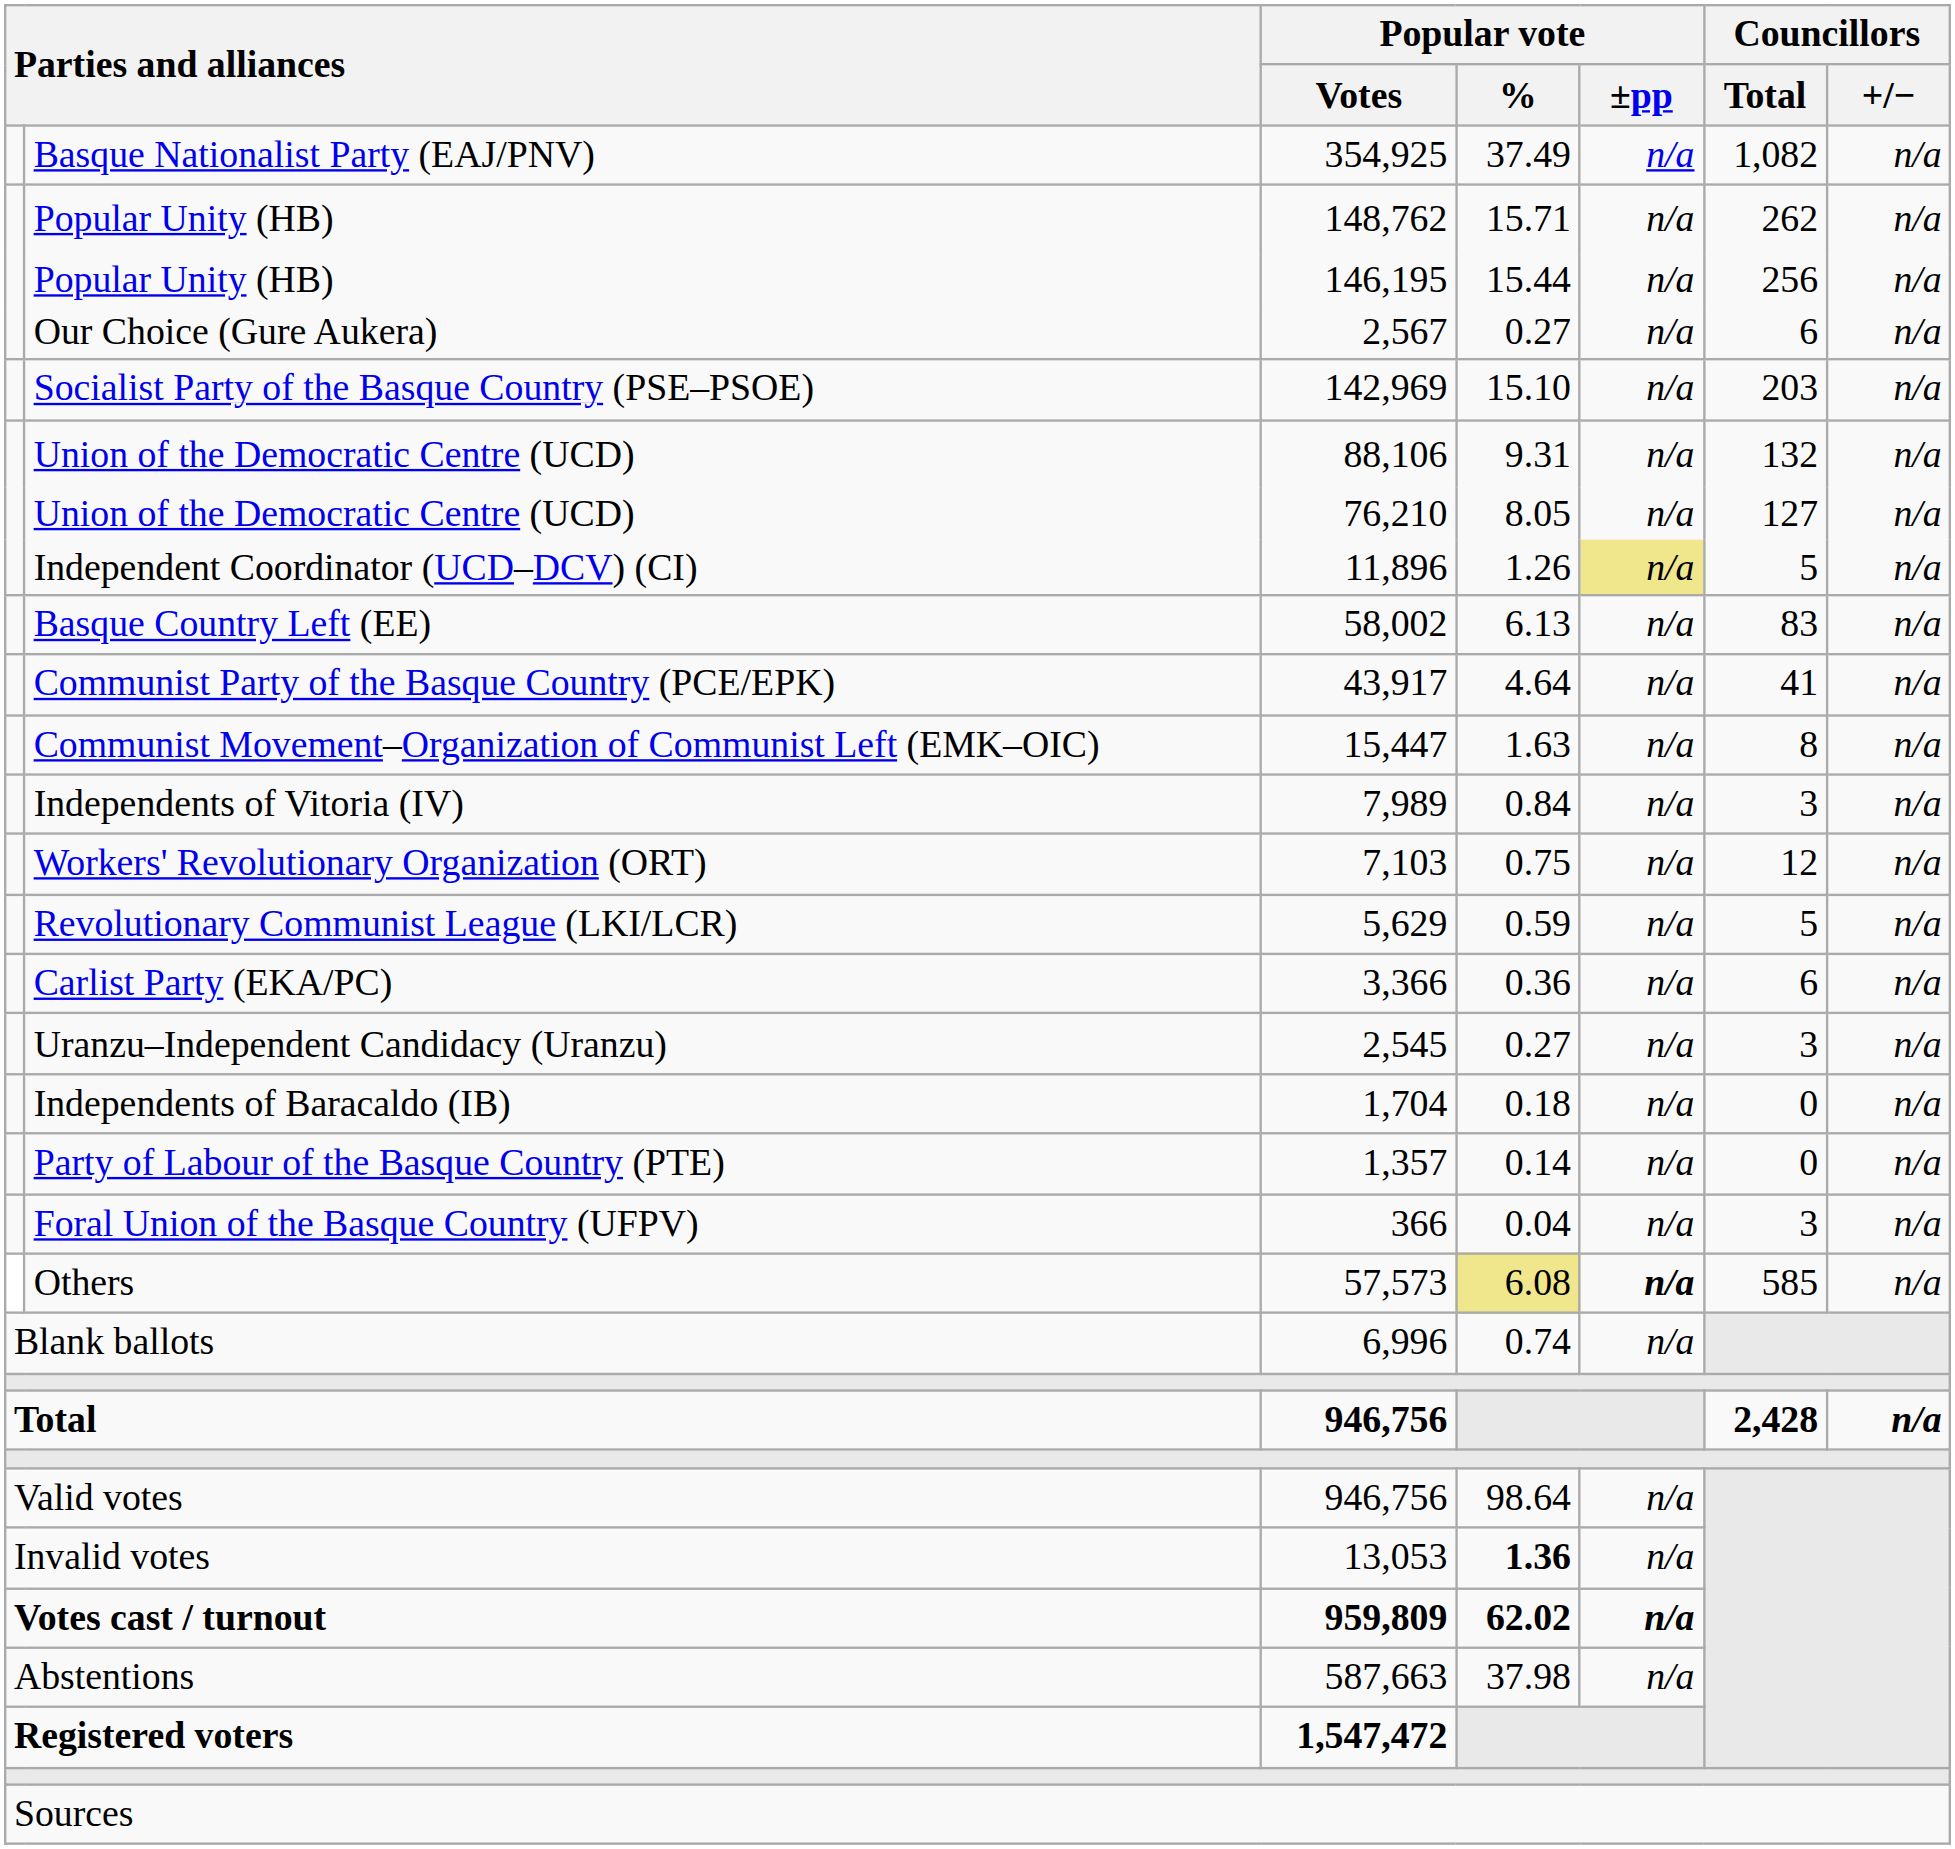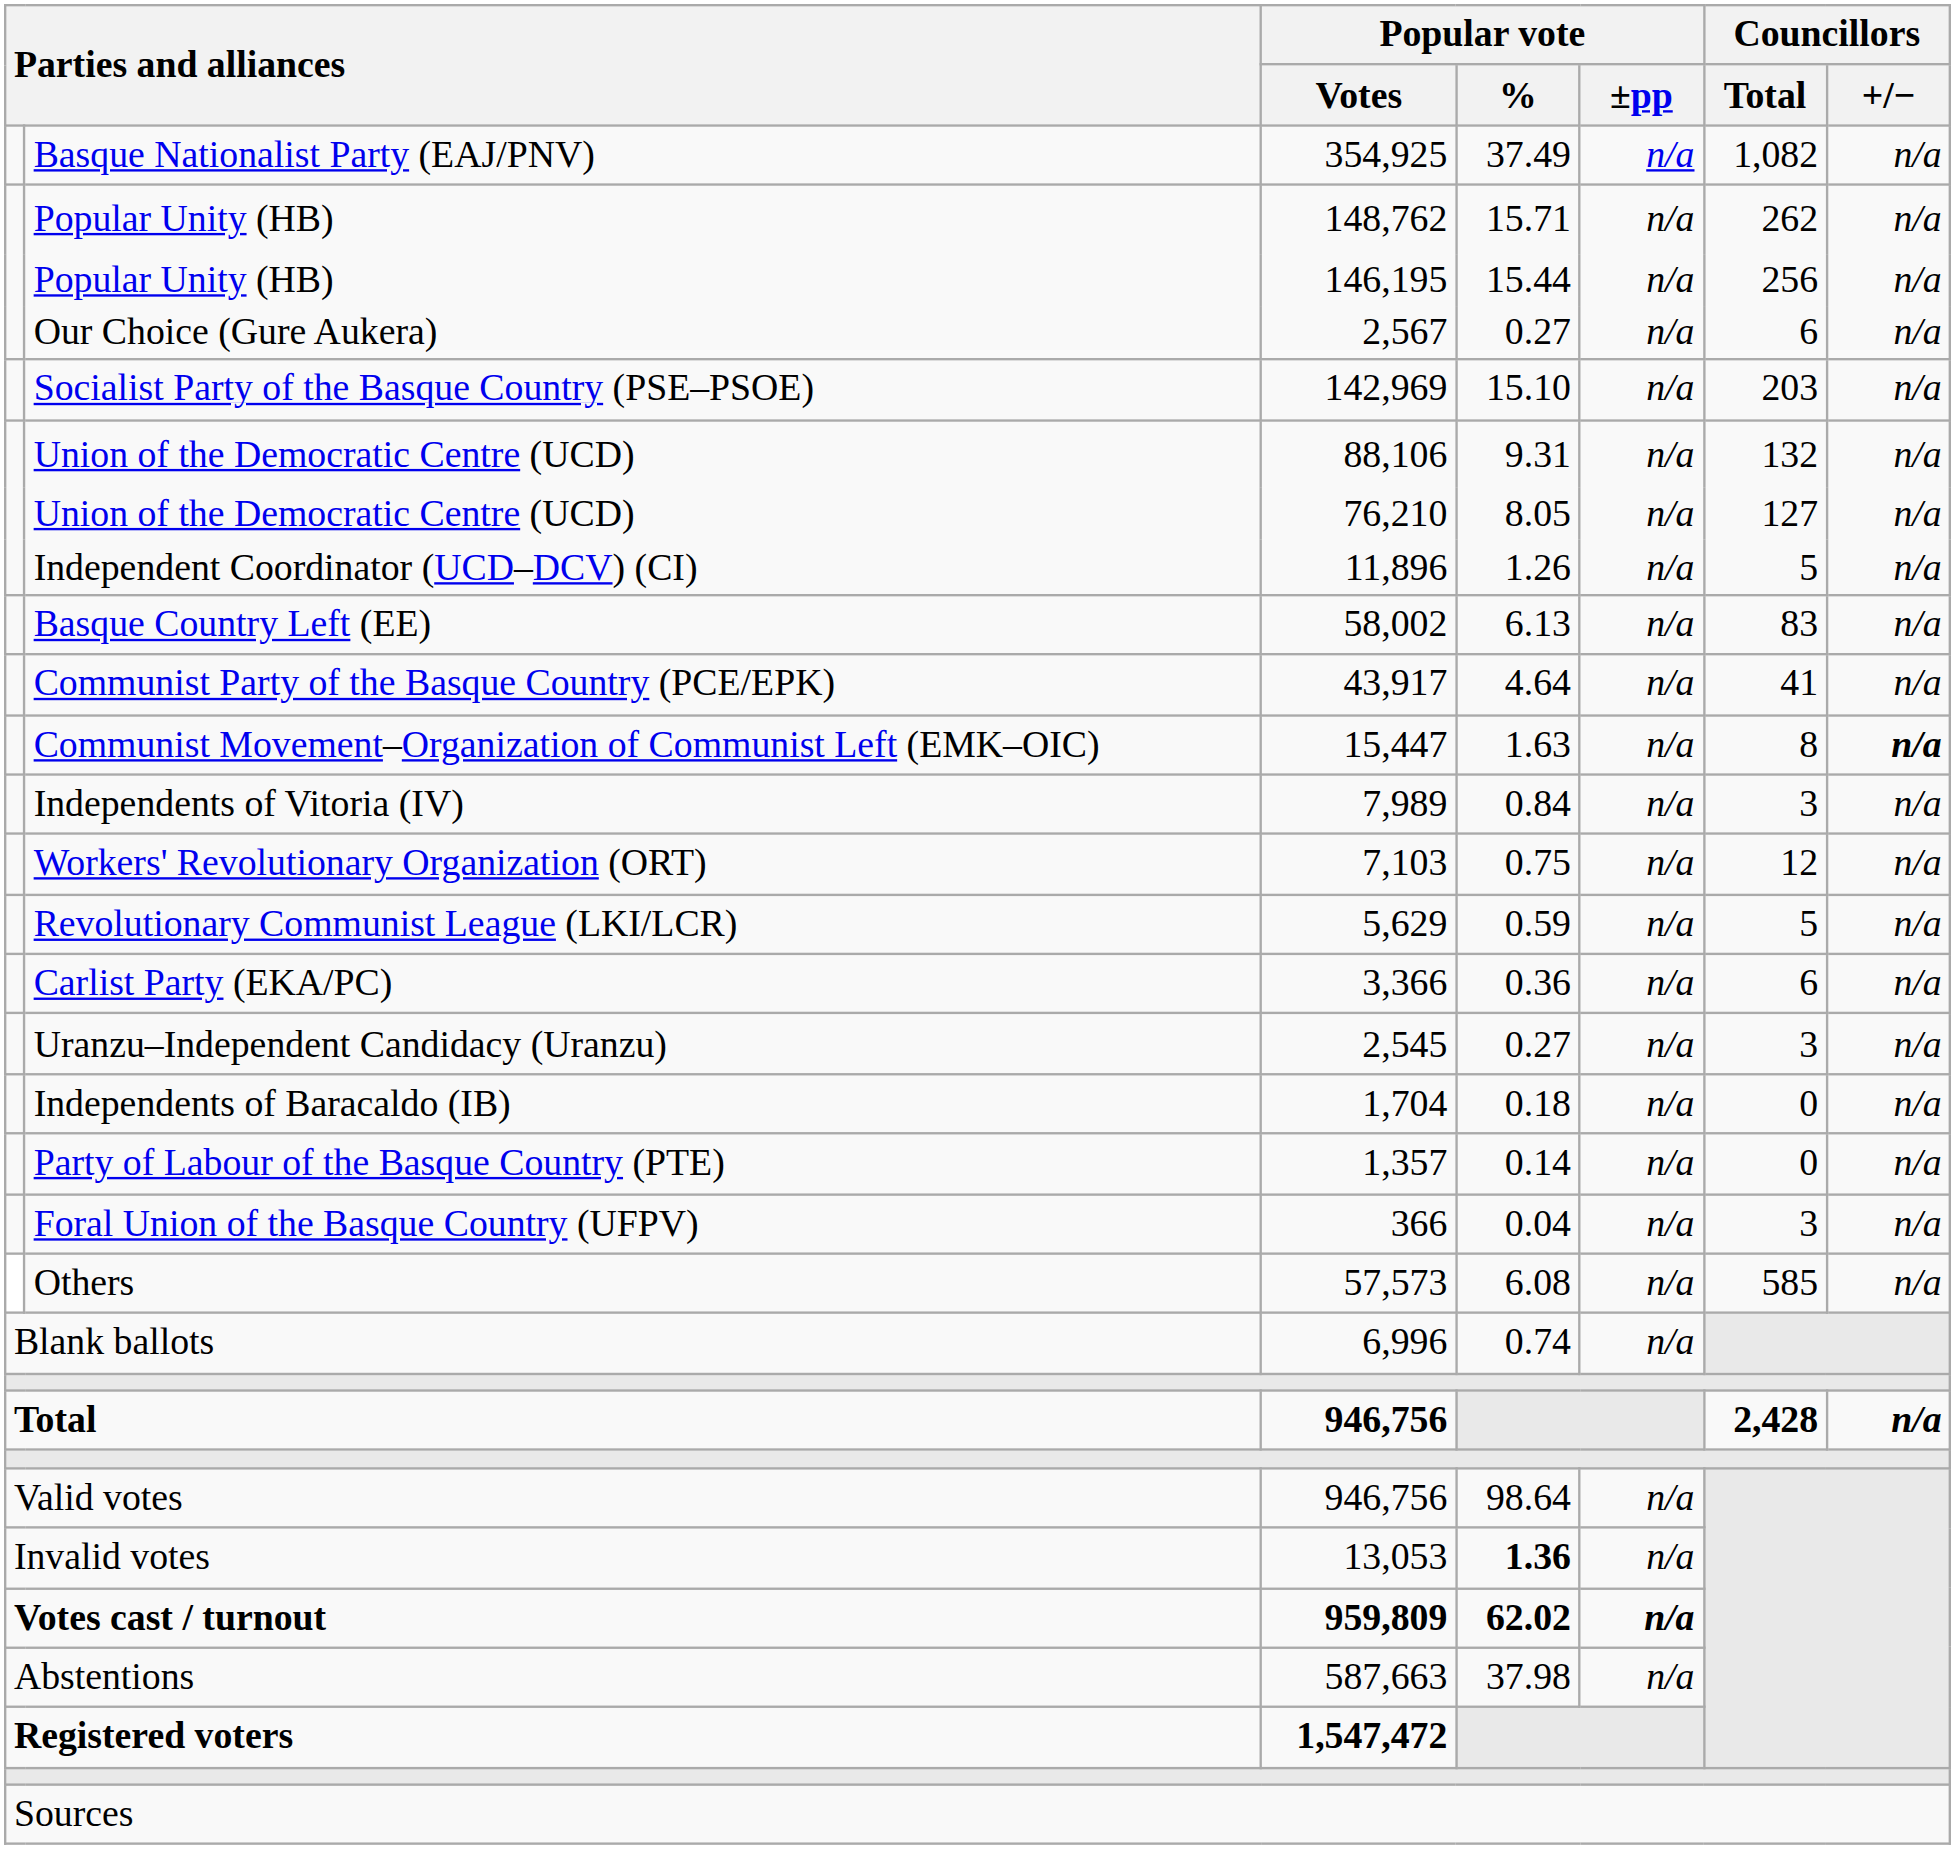 <table class="wikitable" style="text-align:right;">
 <tr>
 <th style="text-align:left;" rowspan="2" colspan="2" width="525">Parties and alliances</th>
 <th colspan="3">Popular vote</th>
 <th colspan="2">Councillors</th>
 </tr>
 <tr>
 <th width="75">Votes</th>
 <th width="45">%</th>
 <th width="45">±<a href='#'>pp</a></th>
 <th width="45">Total</th>
 <th width="45">+/−</th>
 </tr>
 <tr>
 <td width="1" style="color:inherit;background:"></td>
 <td align="left"><a href='#'>Basque Nationalist Party</a> (EAJ/PNV)</td>
 <td>354,925</td>
 <td>37.49</td>
 <td><em><a href='#'>n/a</a></em></td>
 <td>1,082</td>
 <td><em>n/a</em></td>
 </tr>
 <tr style="line-height:22px;">
 <td rowspan="3" style="color:inherit;background:"></td>
 <td align="left"><a href='#'>Popular Unity</a> (HB)</td>
 <td>148,762</td>
 <td>15.71</td>
 <td><em>n/a</em></td>
 <td>262</td>
 <td><em>n/a</em></td>
 </tr>
 <tr style="border-bottom-style:hidden; border-top-style:hidden; line-height:16px;">
 <td align="left"><span><a href='#'>Popular Unity</a> (HB)</span></td>
 <td>146,195</td>
 <td>15.44</td>
 <td><em>n/a</em></td>
 <td>256</td>
 <td><em>n/a</em></td>
 </tr>
 <tr style="line-height:16px;">
 <td align="left"><span>Our Choice (Gure Aukera)</span></td>
 <td>2,567</td>
 <td>0.27</td>
 <td><em>n/a</em></td>
 <td>6</td>
 <td><em>n/a</em></td>
 </tr>
 <tr>
 <td style="color:inherit;background:"></td>
 <td align="left"><a href='#'>Socialist Party of the Basque Country</a> (PSE–PSOE)</td>
 <td>142,969</td>
 <td>15.10</td>
 <td><em>n/a</em></td>
 <td>203</td>
 <td><em>n/a</em></td>
 </tr>
 <tr style="line-height:22px;">
 <td rowspan="3" style="color:inherit;background:"></td>
 <td align="left"><a href='#'>Union of the Democratic Centre</a> (UCD)</td>
 <td>88,106</td>
 <td>9.31</td>
 <td><em>n/a</em></td>
 <td>132</td>
 <td><em>n/a</em></td>
 </tr>
 <tr style="border-bottom-style:hidden; border-top-style:hidden; line-height:16px;">
 <td align="left"><span><a href='#'>Union of the Democratic Centre</a> (UCD)</span></td>
 <td>76,210</td>
 <td>8.05</td>
 <td><em>n/a</em></td>
 <td>127</td>
 <td><em>n/a</em></td>
 </tr>
 <tr style="line-height:16px;">
 <td align="left"><span>Independent Coordinator (<a href='#'>UCD</a>–<a href='#'>DCV</a>) (CI)</span></td>
 <td>11,896</td>
 <td>1.26</td>
-<td style="background: khaki;"><em>n/a</em></td>
+<td><em>n/a</em></td>
 <td>5</td>
 <td><em>n/a</em></td>
 </tr>
 <tr>
 <td style="color:inherit;background:"></td>
 <td align="left"><a href='#'>Basque Country Left</a> (EE)</td>
 <td>58,002</td>
 <td>6.13</td>
 <td><em>n/a</em></td>
 <td>83</td>
 <td><em>n/a</em></td>
 </tr>
 <tr>
 <td style="color:inherit;background:"></td>
 <td align="left"><a href='#'>Communist Party of the Basque Country</a> (PCE/EPK)</td>
 <td>43,917</td>
 <td>4.64</td>
 <td><em>n/a</em></td>
 <td>41</td>
 <td><em>n/a</em></td>
 </tr>
 <tr>
 <td style="color:inherit;background:"></td>
 <td align="left"><a href='#'>Communist Movement</a>–<a href='#'>Organization of Communist Left</a> (EMK–OIC)</td>
 <td>15,447</td>
 <td>1.63</td>
 <td><em>n/a</em></td>
 <td>8</td>
-<td><em>n/a</em></td>
+<td><strong><em>n/a</em></strong></td>
 </tr>
 <tr>
 <td style="color:inherit;background:"></td>
 <td align="left">Independents of Vitoria (IV)</td>
 <td>7,989</td>
 <td>0.84</td>
 <td><em>n/a</em></td>
 <td>3</td>
 <td><em>n/a</em></td>
 </tr>
 <tr>
 <td style="color:inherit;background:"></td>
 <td align="left"><a href='#'>Workers' Revolutionary Organization</a> (ORT)</td>
 <td>7,103</td>
 <td>0.75</td>
 <td><em>n/a</em></td>
 <td>12</td>
 <td><em>n/a</em></td>
 </tr>
 <tr>
 <td style="color:inherit;background:"></td>
 <td align="left"><a href='#'>Revolutionary Communist League</a> (LKI/LCR)</td>
 <td>5,629</td>
 <td>0.59</td>
 <td><em>n/a</em></td>
 <td>5</td>
 <td><em>n/a</em></td>
 </tr>
 <tr>
 <td style="color:inherit;background:"></td>
 <td align="left"><a href='#'>Carlist Party</a> (EKA/PC)</td>
 <td>3,366</td>
 <td>0.36</td>
 <td><em>n/a</em></td>
 <td>6</td>
 <td><em>n/a</em></td>
 </tr>
 <tr>
 <td style="color:inherit;background:"></td>
 <td align="left">Uranzu–Independent Candidacy (Uranzu)</td>
 <td>2,545</td>
 <td>0.27</td>
 <td><em>n/a</em></td>
 <td>3</td>
 <td><em>n/a</em></td>
 </tr>
 <tr>
 <td style="color:inherit;background:"></td>
 <td align="left">Independents of Baracaldo (IB)</td>
 <td>1,704</td>
 <td>0.18</td>
 <td><em>n/a</em></td>
 <td>0</td>
 <td><em>n/a</em></td>
 </tr>
 <tr>
 <td style="color:inherit;background:"></td>
 <td align="left"><a href='#'>Party of Labour of the Basque Country</a> (PTE)</td>
 <td>1,357</td>
 <td>0.14</td>
 <td><em>n/a</em></td>
 <td>0</td>
 <td><em>n/a</em></td>
 </tr>
 <tr>
 <td style="color:inherit;background:"></td>
 <td align="left"><a href='#'>Foral Union of the Basque Country</a> (UFPV)</td>
 <td>366</td>
 <td>0.04</td>
 <td><em>n/a</em></td>
 <td>3</td>
 <td><em>n/a</em></td>
 </tr>
 <tr>
 <td bgcolor="white"></td>
 <td align="left">Others</td>
 <td>57,573</td>
-<td style="background: khaki;">6.08</td>
-<td><strong><em>n/a</em></strong></td>
+<td>6.08</td>
+<td><em>n/a</em></td>
 <td>585</td>
 <td><em>n/a</em></td>
 </tr>
 <tr>
 <td align="left" colspan="2">Blank ballots</td>
 <td>6,996</td>
 <td>0.74</td>
 <td><em>n/a</em></td>
 <td bgcolor="#E9E9E9" colspan="2"></td>
 </tr>
 <tr>
 <td colspan="7" bgcolor="#E9E9E9"></td>
 </tr>
 <tr style="font-weight:bold;">
 <td align="left" colspan="2">Total</td>
 <td>946,756</td>
 <td bgcolor="#E9E9E9" colspan="2"></td>
 <td>2,428</td>
 <td><em>n/a</em></td>
 </tr>
 <tr>
 <td colspan="7" bgcolor="#E9E9E9"></td>
 </tr>
 <tr>
 <td align="left" colspan="2">Valid votes</td>
 <td>946,756</td>
 <td>98.64</td>
 <td><em>n/a</em></td>
 <td bgcolor="#E9E9E9" colspan="2" rowspan="5"></td>
 </tr>
 <tr>
 <td align="left" colspan="2">Invalid votes</td>
 <td>13,053</td>
 <td><strong>1.36</strong></td>
 <td><em>n/a</em></td>
 </tr>
 <tr style="font-weight:bold;">
 <td align="left" colspan="2">Votes cast / turnout</td>
 <td>959,809</td>
 <td>62.02</td>
 <td><em>n/a</em></td>
 </tr>
 <tr>
 <td align="left" colspan="2">Abstentions</td>
 <td>587,663</td>
 <td>37.98</td>
 <td><em>n/a</em></td>
 </tr>
 <tr style="font-weight:bold;">
 <td align="left" colspan="2">Registered voters</td>
 <td>1,547,472</td>
 <td bgcolor="#E9E9E9" colspan="2"></td>
 </tr>
 <tr>
 <td colspan="7" bgcolor="#E9E9E9"></td>
 </tr>
 <tr>
 <td align="left" colspan="7">Sources</td>
 </tr>
 </table>
